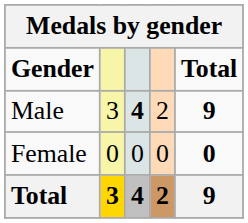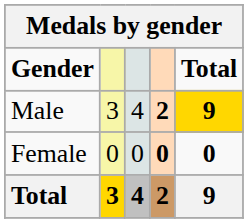 <table class="wikitable" style="text-align:center;font-size:90%">
 <tr style="background:#efefef;">
 <th colspan=7><strong>Medals by gender</strong></th>
 </tr>
 <tr>
 <td><strong>Gender</strong></td>
 <td bgcolor=#f7f6a8></td>
 <td bgcolor=#dce5e5></td>
 <td bgcolor=#ffdab9></td>
 <td><strong>Total</strong></td>
 </tr>
 <tr>
 <td style="text-align:left;">Male</td>
 <td style="background:#F7F6A8;">3</td>
-<td style="background:#DCE5E5;"><strong>4</strong></td>
-<td style="background:#FFDAB9;">2</td>
-<td><strong>9</strong></td>
+<td style="background:#DCE5E5;">4</td>
+<td style="background:#FFDAB9;"><strong>2</strong></td>
+<td style="background: gold;"><strong>9</strong></td>
 </tr>
 <tr>
 <td style="text-align:left;">Female</td>
 <td style="background:#F7F6A8;">0</td>
 <td style="background:#DCE5E5;">0</td>
-<td style="background:#FFDAB9;">0</td>
+<td style="background:#FFDAB9;"><strong>0</strong></td>
 <td><strong>0</strong></td>
 </tr>
 <tr>
 <th style="text-align:left;"><strong>Total</strong></th>
 <th style="background:gold;"><strong>3</strong></th>
 <th style="background:silver;"><strong>4</strong></th>
 <th style="background:#c96;"><strong>2</strong></th>
 <th><strong>9</strong></th>
 </tr>
 </table>
